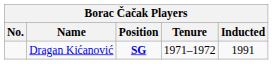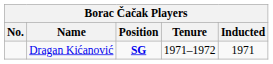 <table class="wikitable" style="text-align:center">
 <tr>
 <th colspan="5">Borac Čačak Players</th>
 </tr>
 <tr>
 <th>No.</th>
 <th>Name</th>
 <th>Position</th>
 <th>Tenure</th>
 <th>Inducted</th>
 </tr>
 <tr>
 <td></td>
 <td><a href='#'>Dragan Kićanović</a></td>
 <td><strong><a href='#'>SG</a></strong></td>
 <td>1971–1972</td>
-<td>1991</td>
+<td>1971</td>
 </tr>
 </table>
